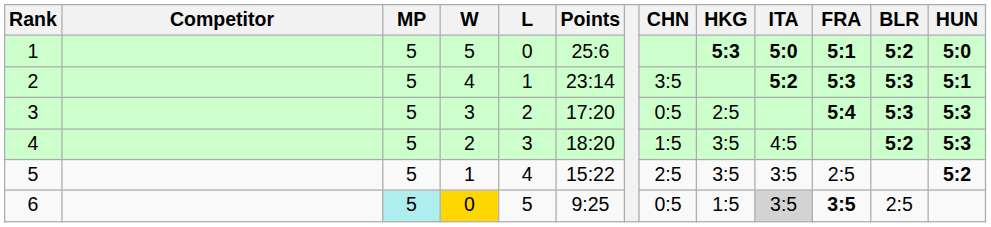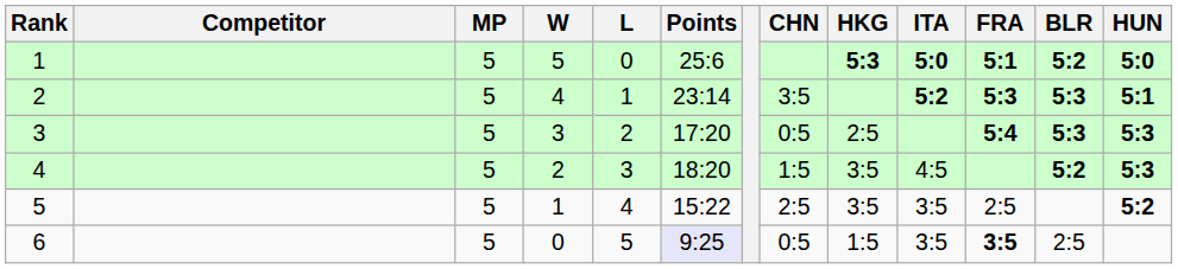 <table class="wikitable" style="text-align:center">
 <tr>
 <th>Rank</th>
 <th style="width:16em">Competitor</th>
 <th style="width:2.5em">MP</th>
 <th style="width:2.5em">W</th>
 <th style="width:2.5em">L</th>
 <th>Points</th>
 <th rowspan="7"> </th>
 <th style="width:2.5em">CHN</th>
 <th style="width:2.5em">HKG</th>
 <th style="width:2.5em">ITA</th>
 <th style="width:2.5em">FRA</th>
 <th style="width:2.5em">BLR</th>
 <th style="width:2.5em">HUN</th>
 </tr>
 <tr style="background:#cfc;">
 <td>1</td>
 <td style="text-align:left"></td>
 <td>5</td>
 <td>5</td>
 <td>0</td>
 <td>25:6</td>
 <td></td>
 <td><strong>5:3</strong></td>
 <td><strong>5:0</strong></td>
 <td><strong>5:1</strong></td>
 <td><strong>5:2</strong></td>
 <td><strong>5:0</strong></td>
 </tr>
 <tr style="background:#cfc;">
 <td>2</td>
 <td style="text-align:left"></td>
 <td>5</td>
 <td>4</td>
 <td>1</td>
 <td>23:14</td>
 <td>3:5</td>
 <td></td>
 <td><strong>5:2</strong></td>
 <td><strong>5:3</strong></td>
 <td><strong>5:3</strong></td>
 <td><strong>5:1</strong></td>
 </tr>
 <tr style="background:#cfc;">
 <td>3</td>
 <td style="text-align:left"></td>
 <td>5</td>
 <td>3</td>
 <td>2</td>
 <td>17:20</td>
 <td>0:5</td>
 <td>2:5</td>
 <td></td>
 <td><strong>5:4</strong></td>
 <td><strong>5:3</strong></td>
 <td><strong>5:3</strong></td>
 </tr>
 <tr style="background:#cfc;">
 <td>4</td>
 <td style="text-align:left"></td>
 <td>5</td>
 <td>2</td>
 <td>3</td>
 <td>18:20</td>
 <td>1:5</td>
 <td>3:5</td>
 <td>4:5</td>
 <td></td>
 <td><strong>5:2</strong></td>
 <td><strong>5:3</strong></td>
 </tr>
 <tr>
 <td>5</td>
 <td style="text-align:left"></td>
 <td>5</td>
 <td>1</td>
 <td>4</td>
 <td>15:22</td>
 <td>2:5</td>
 <td>3:5</td>
 <td>3:5</td>
 <td>2:5</td>
 <td></td>
 <td><strong>5:2</strong></td>
 </tr>
 <tr>
 <td>6</td>
 <td style="text-align:left"></td>
-<td style="background: paleturquoise;">5</td>
-<td style="background: gold;">0</td>
 <td>5</td>
-<td>9:25</td>
+<td>0</td>
+<td>5</td>
+<td style="background: lavender;">9:25</td>
 <td>0:5</td>
 <td>1:5</td>
-<td style="background: lightgrey;">3:5</td>
+<td>3:5</td>
 <td><strong>3:5</strong></td>
 <td>2:5</td>
 <td></td>
 </tr>
 </table>
